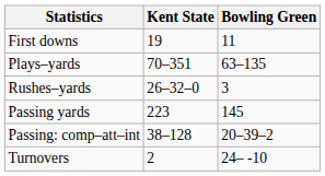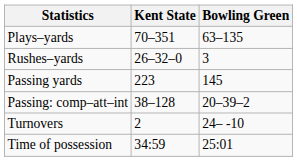 <table class="wikitable" style="float:left">
 <tr>
 <th>Statistics</th>
 <th>Kent State</th>
 <th>Bowling Green</th>
-</tr>
-<tr>
-<td>First downs</td>
-<td>19</td>
-<td>11</td>
 </tr>
 <tr>
 <td>Plays–yards</td>
 <td>70–351</td>
 <td>63–135</td>
 </tr>
 <tr>
 <td>Rushes–yards</td>
 <td>26–32–0</td>
 <td>3</td>
 </tr>
 <tr>
 <td>Passing yards</td>
 <td>223</td>
 <td>145</td>
 </tr>
 <tr>
 <td>Passing: comp–att–int</td>
 <td>38–128</td>
 <td>20–39–2</td>
 </tr>
 <tr>
 <td>Turnovers</td>
 <td>2</td>
 <td>24– -10</td>
 </tr>
+<tr>
+<td>Time of possession</td>
+<td>34:59</td>
+<td>25:01</td>
+</tr>
 </table>
